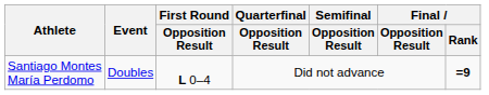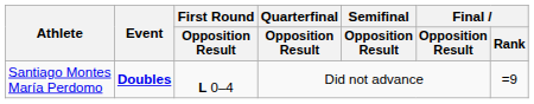 <table class=wikitable style=font-size:90%;text-align:center>
 <tr>
 <th rowspan=2>Athlete</th>
 <th rowspan=2>Event</th>
 <th>First Round</th>
 <th>Quarterfinal</th>
 <th>Semifinal</th>
 <th colspan=2>Final / </th>
 </tr>
 <tr style=font-size:95%>
 <th>Opposition<br>Result</th>
 <th>Opposition<br>Result</th>
 <th>Opposition<br>Result</th>
 <th>Opposition<br>Result</th>
 <th>Rank</th>
 </tr>
 <tr>
 <td align=left><a href='#'>Santiago Montes</a><br><a href='#'>María Perdomo</a></td>
-<td align=left><a href='#'>Doubles</a></td>
+<td align=left><strong><a href='#'>Doubles</a></strong></td>
 <td><br><strong>L</strong> 0–4</td>
 <td colspan="3">Did not advance</td>
-<td><strong>=9</strong></td>
+<td>=9</td>
 </tr>
 </table>
